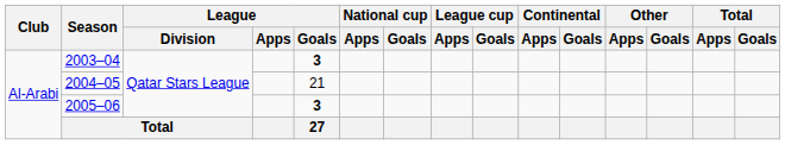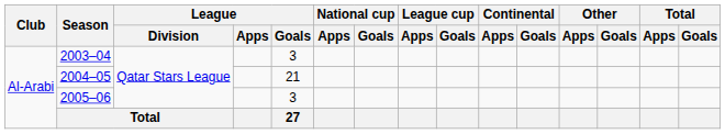 <table class="wikitable" style="text-align:center">
 <tr>
 <th rowspan="2">Club</th>
 <th rowspan="2">Season</th>
 <th colspan="3">League</th>
 <th colspan="2">National cup</th>
 <th colspan="2">League cup</th>
 <th colspan="2">Continental</th>
 <th colspan="2">Other</th>
 <th colspan="2">Total</th>
 </tr>
 <tr>
 <th>Division</th>
 <th>Apps</th>
 <th>Goals</th>
 <th>Apps</th>
 <th>Goals</th>
 <th>Apps</th>
 <th>Goals</th>
 <th>Apps</th>
 <th>Goals</th>
 <th>Apps</th>
 <th>Goals</th>
 <th>Apps</th>
 <th>Goals</th>
 </tr>
 <tr>
 <td rowspan="4"><a href='#'>Al-Arabi</a></td>
 <td><a href='#'>2003–04</a></td>
 <td rowspan="3"><a href='#'>Qatar Stars League</a></td>
 <td></td>
-<td><strong>3</strong></td>
+<td>3</td>
 <td></td>
 <td></td>
 <td></td>
 <td></td>
 <td></td>
 <td></td>
 <td></td>
 <td></td>
 <td></td>
 <td></td>
 </tr>
 <tr>
 <td><a href='#'>2004–05</a></td>
 <td></td>
 <td>21</td>
 <td></td>
 <td></td>
 <td></td>
 <td></td>
 <td></td>
 <td></td>
 <td></td>
 <td></td>
 <td></td>
 <td></td>
 </tr>
 <tr>
 <td><a href='#'>2005–06</a></td>
 <td></td>
-<td><strong>3</strong></td>
+<td>3</td>
 <td></td>
 <td></td>
 <td></td>
 <td></td>
 <td></td>
 <td></td>
 <td></td>
 <td></td>
 <td></td>
 <td></td>
 </tr>
 <tr>
 <th colspan="2">Total</th>
 <th></th>
 <th>27</th>
 <th></th>
 <th></th>
 <th></th>
 <th></th>
 <th></th>
 <th></th>
 <th></th>
 <th></th>
 <th></th>
 <th></th>
 </tr>
 </table>
